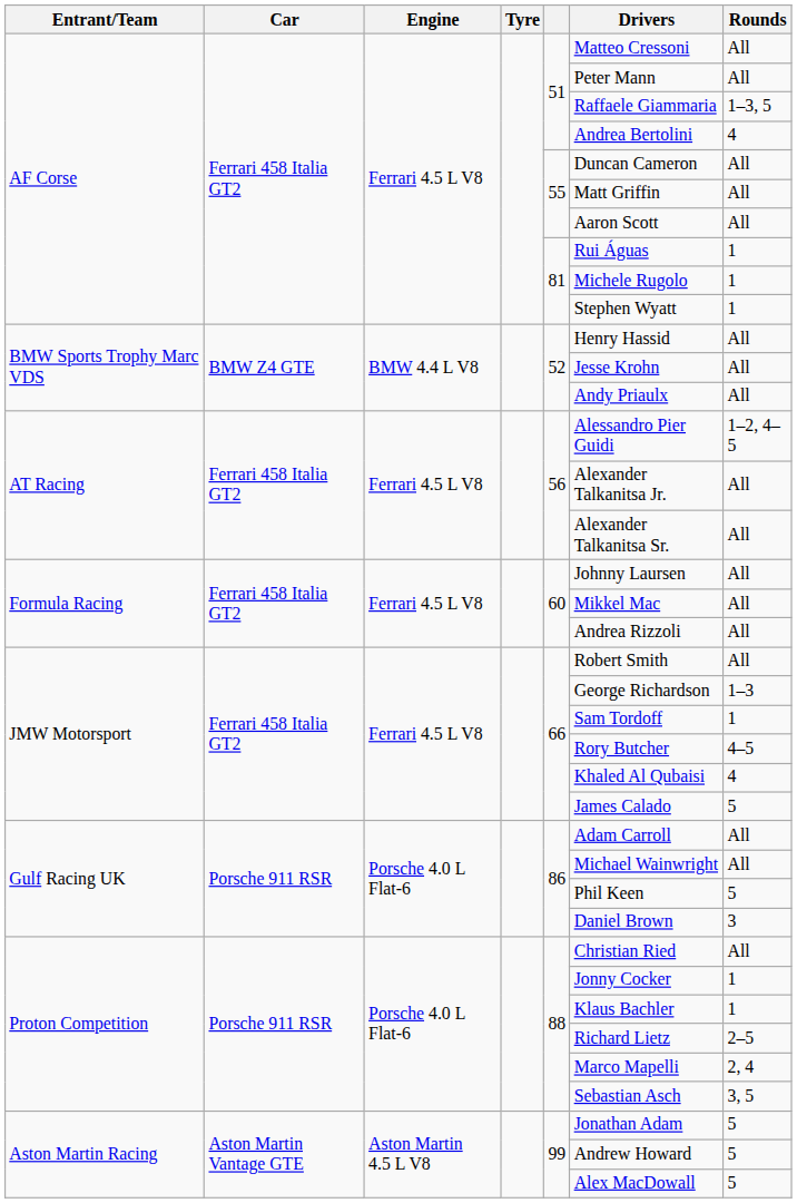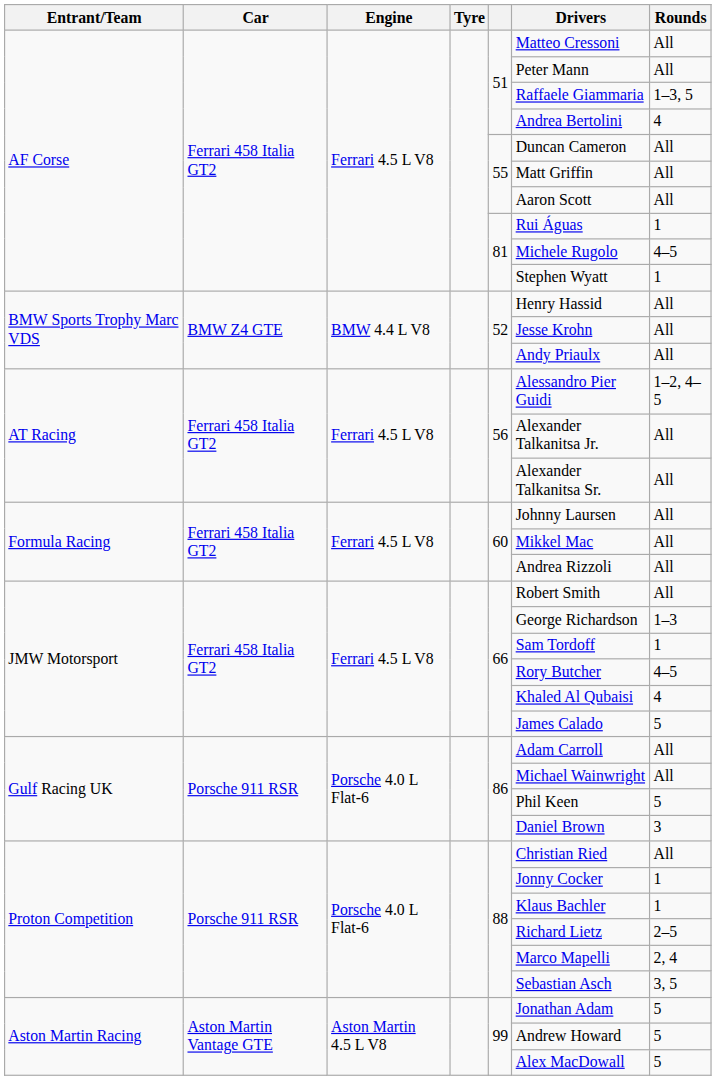 <table class="wikitable" style="font-size: 85%">
 <tr>
 <th>Entrant/Team</th>
 <th>Car</th>
 <th>Engine</th>
 <th>Tyre</th>
 <th></th>
 <th>Drivers</th>
 <th>Rounds</th>
 </tr>
 <tr>
 <td rowspan=10> <a href='#'>AF Corse</a></td>
 <td rowspan=10><a href='#'>Ferrari 458 Italia GT2</a></td>
 <td rowspan=10><a href='#'>Ferrari</a> 4.5 L V8</td>
 <td rowspan=10></td>
 <td rowspan=4>51</td>
 <td> <a href='#'>Matteo Cressoni</a></td>
 <td>All</td>
 </tr>
 <tr>
 <td> Peter Mann</td>
 <td>All</td>
 </tr>
 <tr>
 <td> <a href='#'>Raffaele Giammaria</a></td>
 <td>1–3, 5</td>
 </tr>
 <tr>
 <td> <a href='#'>Andrea Bertolini</a></td>
 <td>4</td>
 </tr>
 <tr>
 <td rowspan=3>55</td>
 <td> Duncan Cameron</td>
 <td>All</td>
 </tr>
 <tr>
 <td> Matt Griffin</td>
 <td>All</td>
 </tr>
 <tr>
 <td> Aaron Scott</td>
 <td>All</td>
 </tr>
 <tr>
 <td rowspan=3>81</td>
 <td> <a href='#'>Rui Águas</a></td>
 <td>1</td>
 </tr>
 <tr>
 <td> <a href='#'>Michele Rugolo</a></td>
-<td>1</td>
+<td>4–5</td>
 </tr>
 <tr>
 <td> Stephen Wyatt</td>
 <td>1</td>
 </tr>
 <tr>
 <td rowspan=3> <a href='#'>BMW Sports Trophy Marc VDS</a></td>
 <td rowspan=3><a href='#'>BMW Z4 GTE</a></td>
 <td rowspan=3><a href='#'>BMW</a> 4.4 L V8</td>
 <td rowspan=3></td>
 <td rowspan=3>52</td>
 <td> Henry Hassid</td>
 <td>All</td>
 </tr>
 <tr>
 <td> <a href='#'>Jesse Krohn</a></td>
 <td>All</td>
 </tr>
 <tr>
 <td> <a href='#'>Andy Priaulx</a></td>
 <td>All</td>
 </tr>
 <tr>
 <td rowspan=3> <a href='#'>AT Racing</a></td>
 <td rowspan=3><a href='#'>Ferrari 458 Italia GT2</a></td>
 <td rowspan=3><a href='#'>Ferrari</a> 4.5 L V8</td>
 <td rowspan=3></td>
 <td rowspan=3>56</td>
 <td> <a href='#'>Alessandro Pier Guidi</a></td>
 <td>1–2, 4–5</td>
 </tr>
 <tr>
 <td> Alexander Talkanitsa Jr.</td>
 <td>All</td>
 </tr>
 <tr>
 <td> Alexander Talkanitsa Sr.</td>
 <td>All</td>
 </tr>
 <tr>
 <td rowspan=3> <a href='#'>Formula Racing</a></td>
 <td rowspan=3><a href='#'>Ferrari 458 Italia GT2</a></td>
 <td rowspan=3><a href='#'>Ferrari</a> 4.5 L V8</td>
 <td rowspan=3></td>
 <td rowspan=3>60</td>
 <td> Johnny Laursen</td>
 <td>All</td>
 </tr>
 <tr>
 <td> <a href='#'>Mikkel Mac</a></td>
 <td>All</td>
 </tr>
 <tr>
 <td> Andrea Rizzoli</td>
 <td>All</td>
 </tr>
 <tr>
 <td rowspan=6> JMW Motorsport</td>
 <td rowspan=6><a href='#'>Ferrari 458 Italia GT2</a></td>
 <td rowspan=6><a href='#'>Ferrari</a> 4.5 L V8</td>
 <td rowspan=6></td>
 <td rowspan=6>66</td>
 <td> Robert Smith</td>
 <td>All</td>
 </tr>
 <tr>
 <td> George Richardson</td>
 <td>1–3</td>
 </tr>
 <tr>
 <td> <a href='#'>Sam Tordoff</a></td>
 <td>1</td>
 </tr>
 <tr>
 <td> <a href='#'>Rory Butcher</a></td>
 <td>4–5</td>
 </tr>
 <tr>
 <td> <a href='#'>Khaled Al Qubaisi</a></td>
 <td>4</td>
 </tr>
 <tr>
 <td> <a href='#'>James Calado</a></td>
 <td>5</td>
 </tr>
 <tr>
 <td rowspan=4> <a href='#'>Gulf</a> Racing UK</td>
 <td rowspan=4><a href='#'>Porsche 911 RSR</a></td>
 <td rowspan=4><a href='#'>Porsche</a> 4.0 L Flat-6</td>
 <td rowspan=4></td>
 <td rowspan=4>86</td>
 <td> <a href='#'>Adam Carroll</a></td>
 <td>All</td>
 </tr>
 <tr>
 <td> <a href='#'>Michael Wainwright</a></td>
 <td>All</td>
 </tr>
 <tr>
 <td> Phil Keen</td>
 <td>5</td>
 </tr>
 <tr>
 <td> <a href='#'>Daniel Brown</a></td>
 <td>3</td>
 </tr>
 <tr>
 <td rowspan=6> <a href='#'>Proton Competition</a></td>
 <td rowspan=6><a href='#'>Porsche 911 RSR</a></td>
 <td rowspan=6><a href='#'>Porsche</a> 4.0 L Flat-6</td>
 <td rowspan=6></td>
 <td rowspan=6>88</td>
 <td> <a href='#'>Christian Ried</a></td>
 <td>All</td>
 </tr>
 <tr>
 <td> <a href='#'>Jonny Cocker</a></td>
 <td>1</td>
 </tr>
 <tr>
 <td> <a href='#'>Klaus Bachler</a></td>
 <td>1</td>
 </tr>
 <tr>
 <td> <a href='#'>Richard Lietz</a></td>
 <td>2–5</td>
 </tr>
 <tr>
 <td> <a href='#'>Marco Mapelli</a></td>
 <td>2, 4</td>
 </tr>
 <tr>
 <td> <a href='#'>Sebastian Asch</a></td>
 <td>3, 5</td>
 </tr>
 <tr>
 <td rowspan=3> <a href='#'>Aston Martin Racing</a></td>
 <td rowspan=3><a href='#'>Aston Martin Vantage GTE</a></td>
 <td rowspan=3><a href='#'>Aston Martin</a> 4.5 L V8</td>
 <td rowspan=3></td>
 <td rowspan=3>99</td>
 <td> <a href='#'>Jonathan Adam</a></td>
 <td>5</td>
 </tr>
 <tr>
 <td> Andrew Howard</td>
 <td>5</td>
 </tr>
 <tr>
 <td> <a href='#'>Alex MacDowall</a></td>
 <td>5</td>
 </tr>
 </table>
